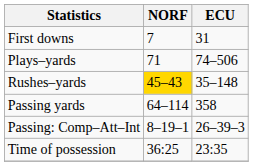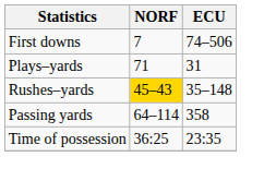 <table class="wikitable" style="float: left;">
 <tr>
 <th>Statistics</th>
 <th>NORF</th>
 <th>ECU</th>
 </tr>
 <tr>
 <td>First downs</td>
 <td>7</td>
-<td>31</td>
+<td>74–506</td>
 </tr>
 <tr>
 <td>Plays–yards</td>
 <td>71</td>
-<td>74–506</td>
+<td>31</td>
 </tr>
 <tr>
 <td>Rushes–yards</td>
 <td style="background: gold;">45–43</td>
 <td>35–148</td>
 </tr>
 <tr>
 <td>Passing yards</td>
 <td>64–114</td>
 <td>358</td>
 </tr>
 <tr>
-<td>Passing: Comp–Att–Int</td>
-<td>8–19–1</td>
-<td>26–39–3</td>
-</tr>
-<tr>
 <td>Time of possession</td>
 <td>36:25</td>
 <td>23:35</td>
 </tr>
 <tr>
 </tr>
 </table>
